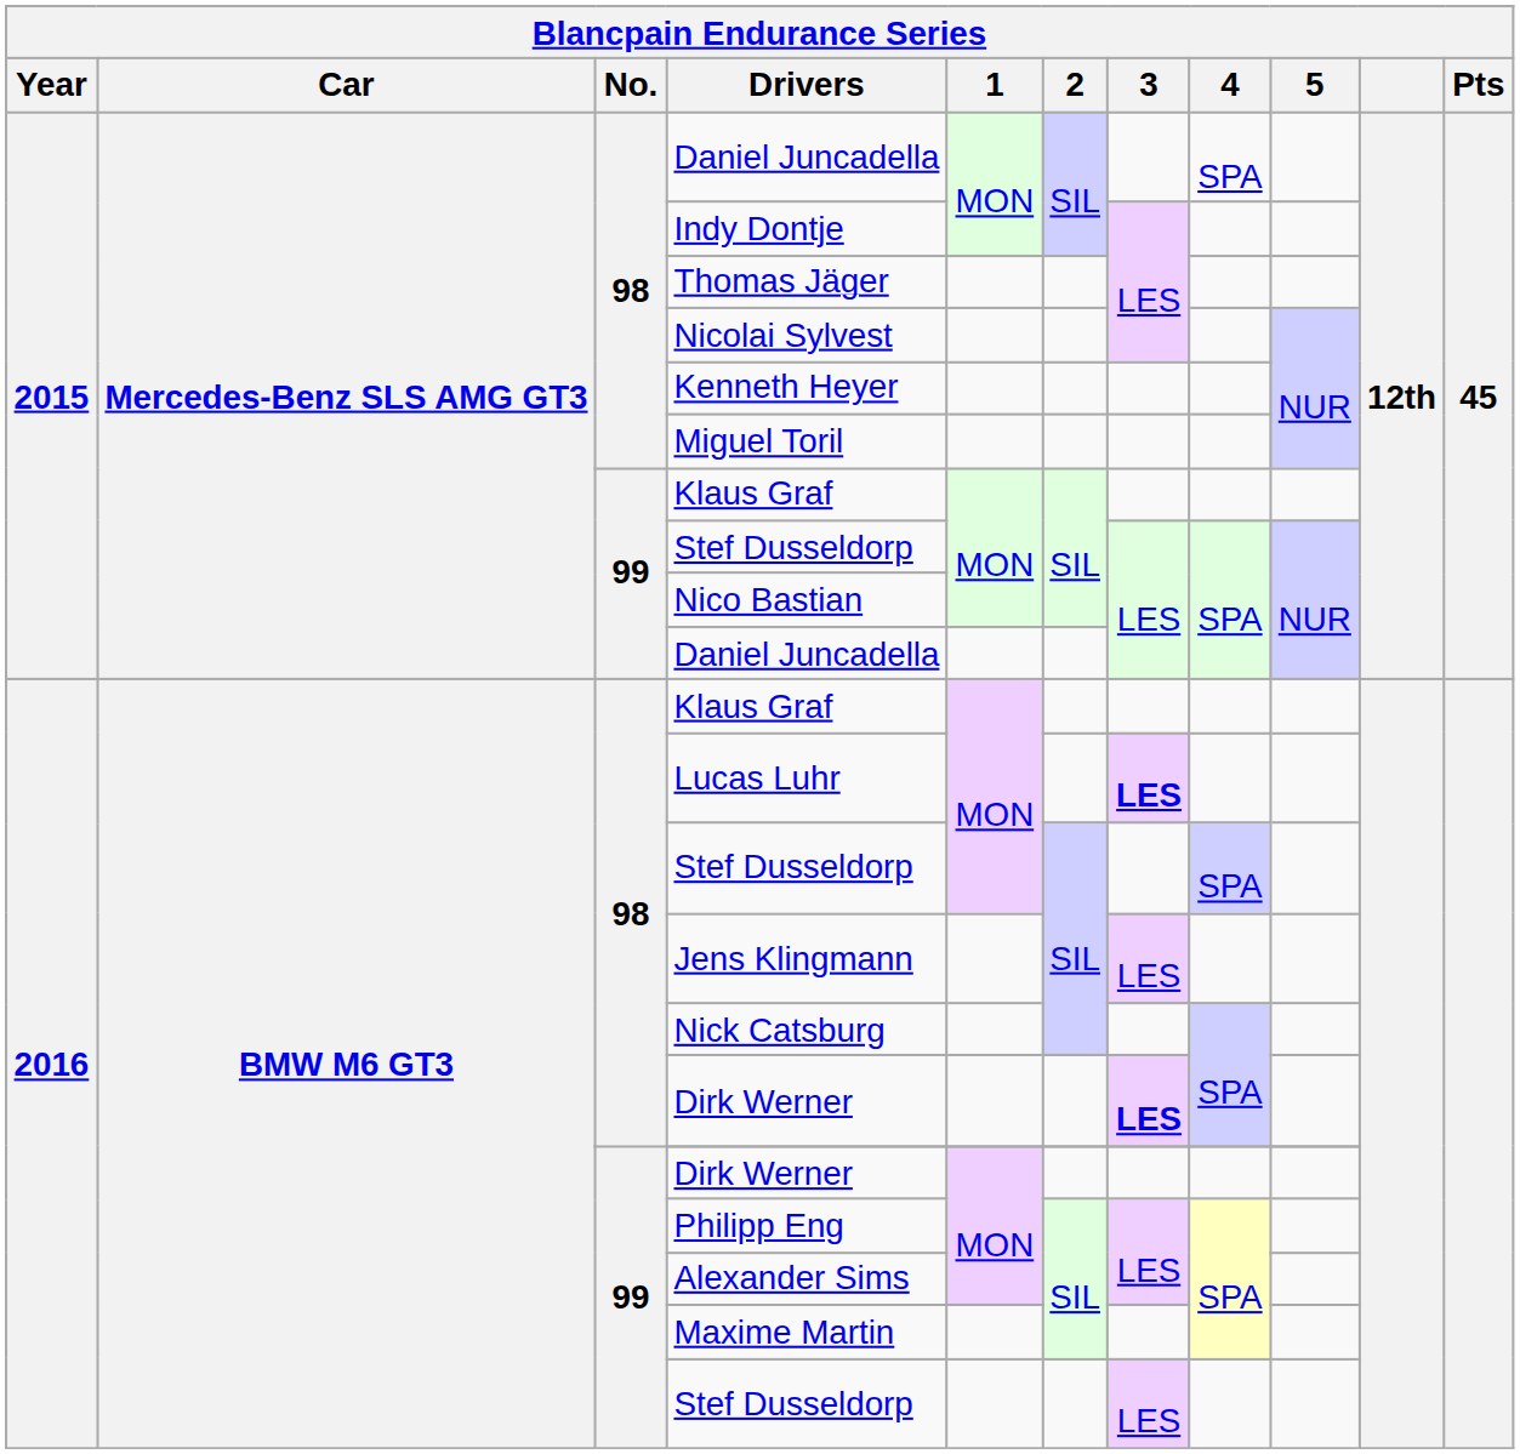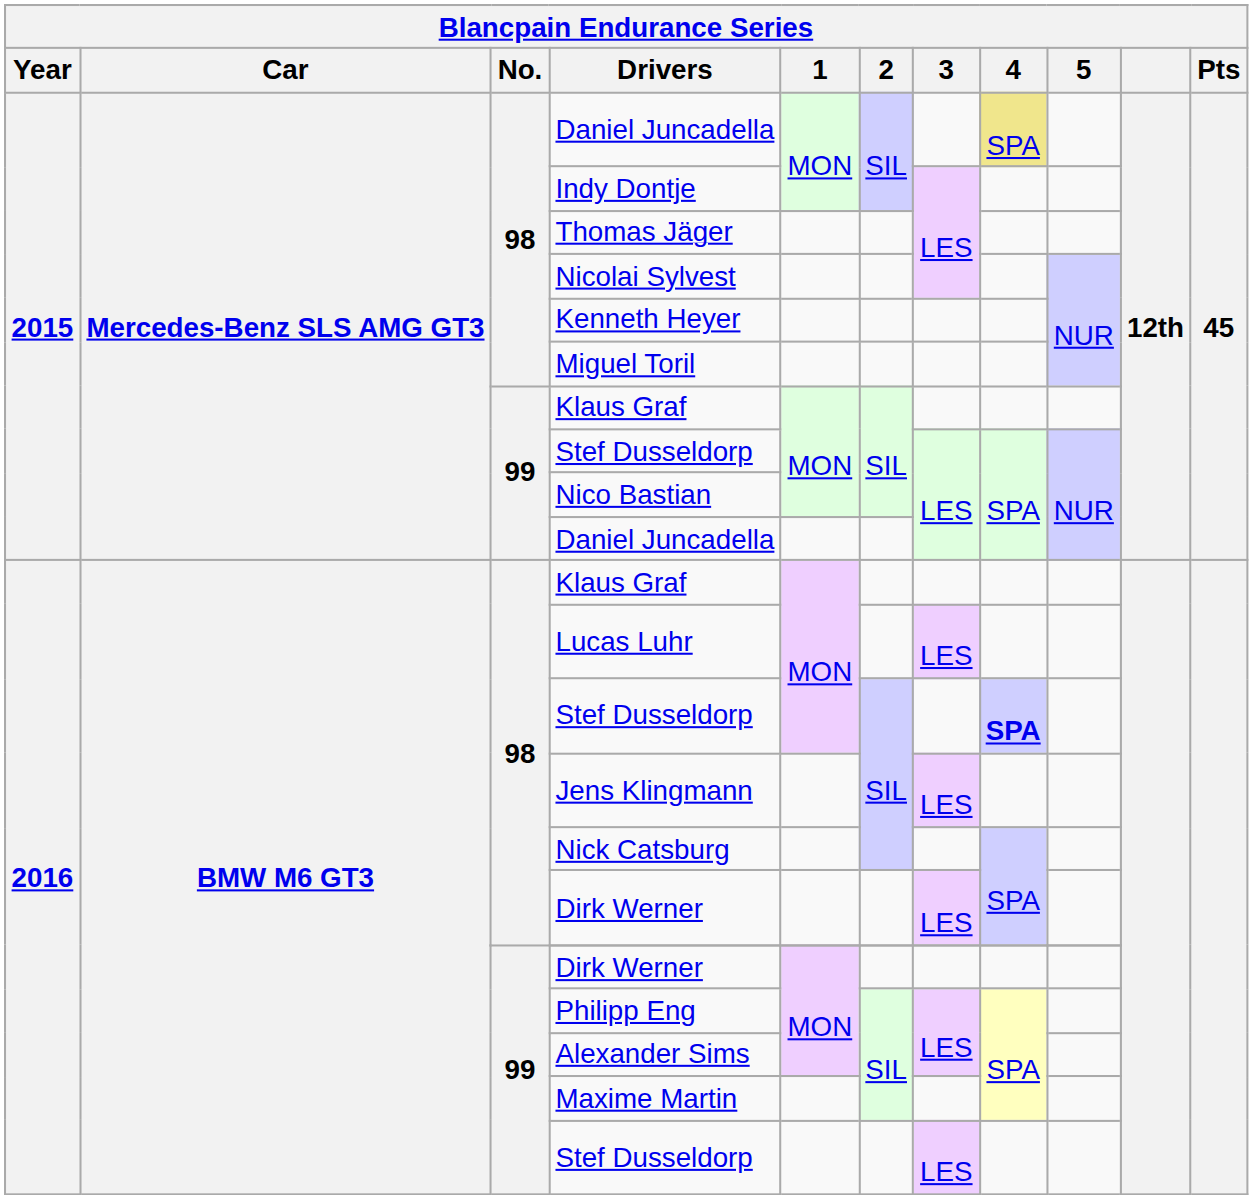 <table class="wikitable collapsible collapsed" style="text-align:center; font-size:85%">
 <tr>
 <th colspan=11><a href='#'>Blancpain Endurance Series</a></th>
 </tr>
 <tr>
 <th>Year</th>
 <th>Car</th>
 <th>No.</th>
 <th>Drivers</th>
 <th>1</th>
 <th>2</th>
 <th>3</th>
 <th>4</th>
 <th>5</th>
 <th></th>
 <th>Pts</th>
 </tr>
 <tr>
 <th rowspan=10><a href='#'>2015</a></th>
 <th rowspan=10><a href='#'>Mercedes-Benz SLS AMG GT3</a></th>
 <th rowspan=6>98</th>
 <td align="left"> <a href='#'>Daniel Juncadella</a></td>
 <td style="background:#dfffdf;" rowspan="2"> <br><a href='#'>MON</a><br></td>
 <td style="background:#cfcfff;" rowspan="2"> <br><a href='#'>SIL</a><br></td>
 <td></td>
-<td> <br><a href='#'>SPA</a></td>
+<td style="background: khaki;"> <br><a href='#'>SPA</a></td>
 <td></td>
 <th rowspan=10>12th</th>
 <th rowspan=10>45</th>
 </tr>
 <tr>
 <td align="left"> <a href='#'>Indy Dontje</a></td>
 <td style="background:#efcfff;" rowspan="3"> <br><a href='#'>LES</a><br></td>
 <td></td>
 <td></td>
 </tr>
 <tr>
 <td align="left"> <a href='#'>Thomas Jäger</a></td>
 <td></td>
 <td></td>
 <td></td>
 <td></td>
 </tr>
 <tr>
 <td align="left"> <a href='#'>Nicolai Sylvest</a></td>
 <td></td>
 <td></td>
 <td></td>
 <td style="background:#cfcfff;" rowspan="3"> <br><a href='#'>NUR</a><br></td>
 </tr>
 <tr>
 <td align="left"> <a href='#'>Kenneth Heyer</a></td>
 <td></td>
 <td></td>
 <td></td>
 <td></td>
 </tr>
 <tr>
 <td align="left"> <a href='#'>Miguel Toril</a></td>
 <td></td>
 <td></td>
 <td></td>
 <td></td>
 </tr>
 <tr>
 <th rowspan=4>99</th>
 <td align="left"> <a href='#'>Klaus Graf</a></td>
 <td style="background:#dfffdf;" rowspan="3"> <br><a href='#'>MON</a><br></td>
 <td style="background:#dfffdf;" rowspan="3"> <br><a href='#'>SIL</a><br></td>
 <td></td>
 <td></td>
 <td></td>
 </tr>
 <tr>
 <td align="left"> <a href='#'>Stef Dusseldorp</a></td>
 <td style="background:#dfffdf;" rowspan="3"> <br><a href='#'>LES</a><br></td>
 <td style="background:#dfffdf;" rowspan="3"> <br><a href='#'>SPA</a><br></td>
 <td style="background:#cfcfff;" rowspan="3"> <br><a href='#'>NUR</a><br></td>
 </tr>
 <tr>
 <td align="left"> <a href='#'>Nico Bastian</a></td>
 </tr>
 <tr>
 <td align="left"> <a href='#'>Daniel Juncadella</a></td>
 <td></td>
 <td></td>
 </tr>
 <tr>
 <th rowspan=12><a href='#'>2016</a></th>
 <th rowspan=12><a href='#'>BMW M6 GT3</a></th>
 <th rowspan=6>98</th>
 <td align="left"> <a href='#'>Klaus Graf</a></td>
 <td style="background:#efcfff;" rowspan="3"> <br><a href='#'>MON</a><br></td>
 <td></td>
 <td></td>
 <td></td>
 <td></td>
 <th rowspan=12></th>
 <th rowspan=12></th>
 </tr>
 <tr>
 <td align="left"> <a href='#'>Lucas Luhr</a></td>
 <td></td>
-<td style="background:#efcfff;"><strong> <br><a href='#'>LES</a><br></strong></td>
+<td style="background:#efcfff;"> <br><a href='#'>LES</a><br></td>
 <td></td>
 <td></td>
 </tr>
 <tr>
 <td align="left"> <a href='#'>Stef Dusseldorp</a></td>
 <td style="background:#cfcfff;" rowspan="3"> <br><a href='#'>SIL</a><br></td>
 <td></td>
-<td style="background:#cfcfff;"> <br><a href='#'>SPA</a><br></td>
+<td style="background:#cfcfff;"><strong> <br><a href='#'>SPA</a><br></strong></td>
 <td></td>
 </tr>
 <tr>
 <td align="left"> <a href='#'>Jens Klingmann</a></td>
 <td></td>
 <td style="background:#efcfff;"> <br><a href='#'>LES</a><br></td>
 <td></td>
 <td></td>
 </tr>
 <tr>
 <td align="left"> <a href='#'>Nick Catsburg</a></td>
 <td></td>
 <td></td>
 <td style="background:#cfcfff;" rowspan="2"> <br><a href='#'>SPA</a><br></td>
 <td></td>
 </tr>
 <tr>
 <td align="left"> <a href='#'>Dirk Werner</a></td>
 <td></td>
 <td></td>
-<td style="background:#efcfff;"><strong> <br><a href='#'>LES</a><br></strong></td>
+<td style="background:#efcfff;"> <br><a href='#'>LES</a><br></td>
 <td></td>
 </tr>
 <tr>
 <th rowspan=8>99</th>
 </tr>
 <tr>
 <td align="left"> <a href='#'>Dirk Werner</a></td>
 <td style="background:#efcfff;" rowspan="3"> <br><a href='#'>MON</a><br></td>
 <td></td>
 <td></td>
 <td></td>
 <td></td>
 </tr>
 <tr>
 <td align="left"> <a href='#'>Philipp Eng</a></td>
 <td style="background:#dfffdf;" rowspan="3"> <br><a href='#'>SIL</a><br></td>
 <td style="background:#efcfff;" rowspan="2"> <br><a href='#'>LES</a><br></td>
 <td style="background:#ffffbf;" rowspan="3"> <br><a href='#'>SPA</a><br></td>
 <td></td>
 </tr>
 <tr>
 <td align="left"> <a href='#'>Alexander Sims</a></td>
 <td></td>
 </tr>
 <tr>
 <td align="left"> <a href='#'>Maxime Martin</a></td>
 <td></td>
 <td></td>
 <td></td>
 </tr>
 <tr>
 <td align="left"> <a href='#'>Stef Dusseldorp</a></td>
 <td></td>
 <td></td>
 <td style="background:#efcfff;"> <br><a href='#'>LES</a><br></td>
 <td></td>
 <td></td>
 </tr>
 </table>
